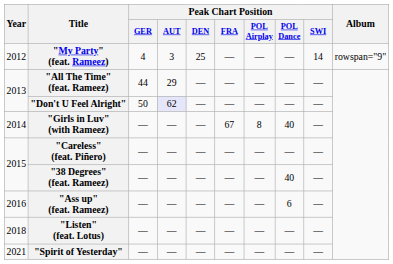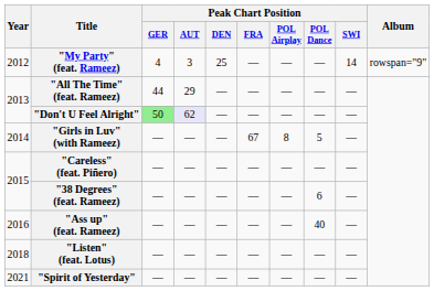 <table class="wikitable plainrowheaders" style="text-align:center;">
 <tr>
 <th scope="col" rowspan="2">Year</th>
 <th scope="col" rowspan="2">Title</th>
 <th scope="col" colspan="7">Peak Chart Position</th>
 <th scope="col" rowspan="2">Album</th>
 </tr>
 <tr>
 <th scope="col" style="width:3em;font-size:85%;"><a href='#'>GER</a><br></th>
 <th scope="col" style="width:3em;font-size:85%;"><a href='#'>AUT</a><br></th>
 <th scope="col" style="width:3em;font-size:85%;"><a href='#'>DEN</a><br></th>
 <th scope="col" style="width:3em;font-size:85%;"><a href='#'>FRA</a><br></th>
 <th scope="col" style="width:3em;font-size:85%;"><a href='#'>POL Airplay</a><br></th>
 <th scope="col" style="width:3em;font-size:85%;"><a href='#'>POL Dance</a><br></th>
 <th scope="col" style="width:3em;font-size:85%;"><a href='#'>SWI</a><br></th>
 </tr>
 <tr>
 <td>2012</td>
 <th scope="row">"<a href='#'>My Party</a>"<br><span>(feat. <a href='#'>Rameez</a>)</span></th>
 <td>4</td>
 <td>3</td>
 <td>25</td>
 <td>—</td>
 <td>—</td>
 <td>—</td>
 <td>14</td>
 <td>rowspan="9" </td>
 </tr>
 <tr>
 <td rowspan="2">2013</td>
 <th scope="row">"All The Time"<br><span>(feat. Rameez)</span></th>
 <td>44</td>
 <td>29</td>
 <td>—</td>
 <td>—</td>
 <td>—</td>
 <td>—</td>
 <td>—</td>
 </tr>
 <tr>
 <th scope="row">"Don't U Feel Alright"</th>
-<td>50</td>
+<td style="background: lightgreen;">50</td>
 <td style="background: lavender;">62</td>
 <td>—</td>
 <td>—</td>
 <td>—</td>
 <td>—</td>
 <td>—</td>
 </tr>
 <tr>
 <td>2014</td>
 <th scope="row">"Girls in Luv"<br><span>(with Rameez)</span></th>
 <td>—</td>
 <td>—</td>
 <td>—</td>
 <td>67</td>
 <td>8</td>
-<td>40</td>
+<td>5</td>
 <td>—</td>
 </tr>
 <tr>
 <td rowspan="2">2015</td>
 <th scope="row">"Careless"<br><span>(feat. Piñero)</span></th>
 <td>—</td>
 <td>—</td>
 <td>—</td>
 <td>—</td>
 <td>—</td>
 <td>—</td>
 <td>—</td>
 </tr>
 <tr>
 <th scope="row">"38 Degrees"<br><span>(feat. Rameez)</span></th>
 <td>—</td>
 <td>—</td>
 <td>—</td>
 <td>—</td>
 <td>—</td>
-<td>40</td>
+<td>6</td>
 <td>—</td>
 </tr>
 <tr>
 <td>2016</td>
 <th scope="row">"Ass up"<br><span>(feat. Rameez)</span></th>
 <td>—</td>
 <td>—</td>
 <td>—</td>
 <td>—</td>
 <td>—</td>
-<td>6</td>
+<td>40</td>
 <td>—</td>
 </tr>
 <tr>
 <td>2018</td>
 <th scope="row">"Listen"<br><span>(feat. Lotus)</span></th>
 <td>—</td>
 <td>—</td>
 <td>—</td>
 <td>—</td>
 <td>—</td>
 <td>—</td>
 <td>—</td>
 </tr>
 <tr>
 <td>2021</td>
 <th scope="row">"Spirit of Yesterday"<br><span></span></th>
 <td>—</td>
 <td>—</td>
 <td>—</td>
 <td>—</td>
 <td>—</td>
 <td>—</td>
 <td>—</td>
 </tr>
 </table>
